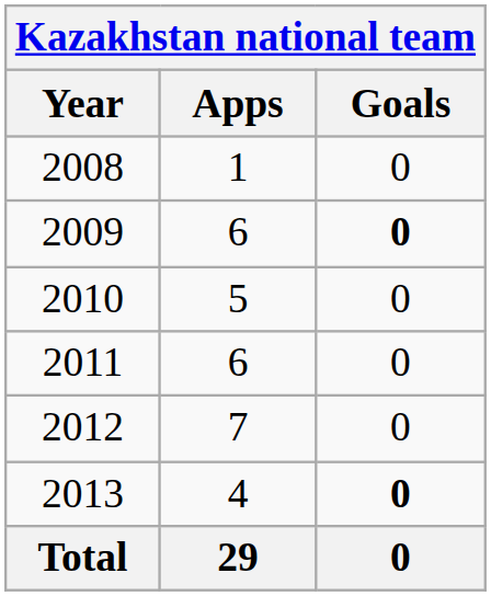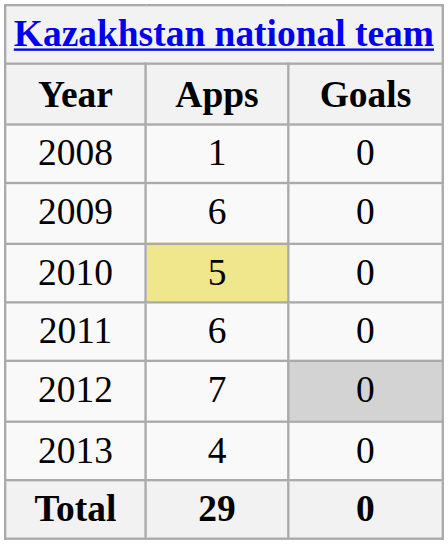 <table class="wikitable" style="text-align:center">
 <tr>
 <th colspan=3><a href='#'>Kazakhstan national team</a></th>
 </tr>
 <tr>
 <th>Year</th>
 <th>Apps</th>
 <th>Goals</th>
 </tr>
 <tr>
 <td>2008</td>
 <td>1</td>
 <td>0</td>
 </tr>
 <tr>
 <td>2009</td>
 <td>6</td>
-<td><strong>0</strong></td>
+<td>0</td>
 </tr>
 <tr>
 <td>2010</td>
-<td>5</td>
+<td style="background: khaki;">5</td>
 <td>0</td>
 </tr>
 <tr>
 <td>2011</td>
 <td>6</td>
 <td>0</td>
 </tr>
 <tr>
 <td>2012</td>
 <td>7</td>
-<td>0</td>
+<td style="background: lightgrey;">0</td>
 </tr>
 <tr>
 <td>2013</td>
 <td>4</td>
-<td><strong>0</strong></td>
+<td>0</td>
 </tr>
 <tr>
 <th>Total</th>
 <th>29</th>
 <th>0</th>
 </tr>
 </table>
